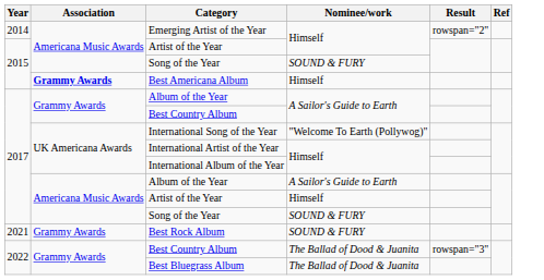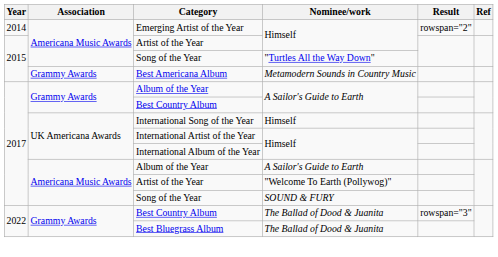 <table class="wikitable plainrowheaders">
 <tr>
 <th>Year</th>
 <th>Association</th>
 <th>Category</th>
 <th>Nominee/work</th>
 <th>Result</th>
 <th>Ref</th>
 </tr>
 <tr>
 <td>2014</td>
 <td rowspan="3"><a href='#'>Americana Music Awards</a></td>
 <td>Emerging Artist of the Year</td>
 <td rowspan=2>Himself</td>
 <td>rowspan="2"  </td>
 <td></td>
 </tr>
 <tr>
 <td rowspan="3">2015</td>
 <td>Artist of the Year</td>
 <td rowspan=2></td>
 </tr>
 <tr>
 <td>Song of the Year</td>
-<td><em>SOUND & FURY</em></td>
+<td>"<a href='#'>Turtles All the Way Down</a>"</td>
 </tr>
 <tr>
-<td><strong><a href='#'>Grammy Awards</a></strong></td>
+<td><a href='#'>Grammy Awards</a></td>
 <td><a href='#'>Best Americana Album</a></td>
-<td>Himself</td>
+<td><em>Metamodern Sounds in Country Music</em></td>
 <td></td>
 <td></td>
 </tr>
 <tr>
 <td rowspan="8">2017</td>
 <td rowspan="2"><a href='#'>Grammy Awards</a></td>
 <td><a href='#'>Album of the Year</a></td>
 <td rowspan="2"><em>A Sailor's Guide to Earth</em></td>
 <td></td>
 <td rowspan=2></td>
 </tr>
 <tr>
 <td><a href='#'>Best Country Album</a></td>
 <td></td>
 </tr>
 <tr>
 <td rowspan="3">UK Americana Awards</td>
 <td>International Song of the Year</td>
-<td>"Welcome To Earth (Pollywog)"</td>
+<td>Himself</td>
 <td></td>
 <td rowspan=3></td>
 </tr>
 <tr>
 <td>International Artist of the Year</td>
 <td rowspan="2">Himself</td>
 <td></td>
 </tr>
 <tr>
 <td>International Album of the Year</td>
 <td></td>
 </tr>
 <tr>
 <td rowspan=3><a href='#'>Americana Music Awards</a></td>
 <td>Album of the Year</td>
 <td><em>A Sailor's Guide to Earth</em></td>
 <td></td>
 <td rowspan=3></td>
 </tr>
 <tr>
 <td>Artist of the Year</td>
-<td>Himself</td>
+<td>"Welcome To Earth (Pollywog)"</td>
 <td></td>
 </tr>
 <tr>
 <td>Song of the Year</td>
 <td><em>SOUND & FURY</em></td>
-<td></td>
-</tr>
-<tr>
-<td>2021</td>
-<td><a href='#'>Grammy Awards</a></td>
-<td><a href='#'>Best Rock Album</a></td>
-<td><em>SOUND & FURY</em></td>
-<td></td>
 <td></td>
 </tr>
 <tr>
 <td rowspan="2">2022</td>
 <td rowspan="2"><a href='#'>Grammy Awards</a></td>
 <td><a href='#'>Best Country Album</a></td>
 <td><em>The Ballad of Dood & Juanita</em></td>
 <td>rowspan="3" </td>
 <td rowspan="2"></td>
 </tr>
 <tr>
 <td><a href='#'>Best Bluegrass Album</a></td>
 <td><em>The Ballad of Dood & Juanita</em></td>
 </tr>
 </table>
